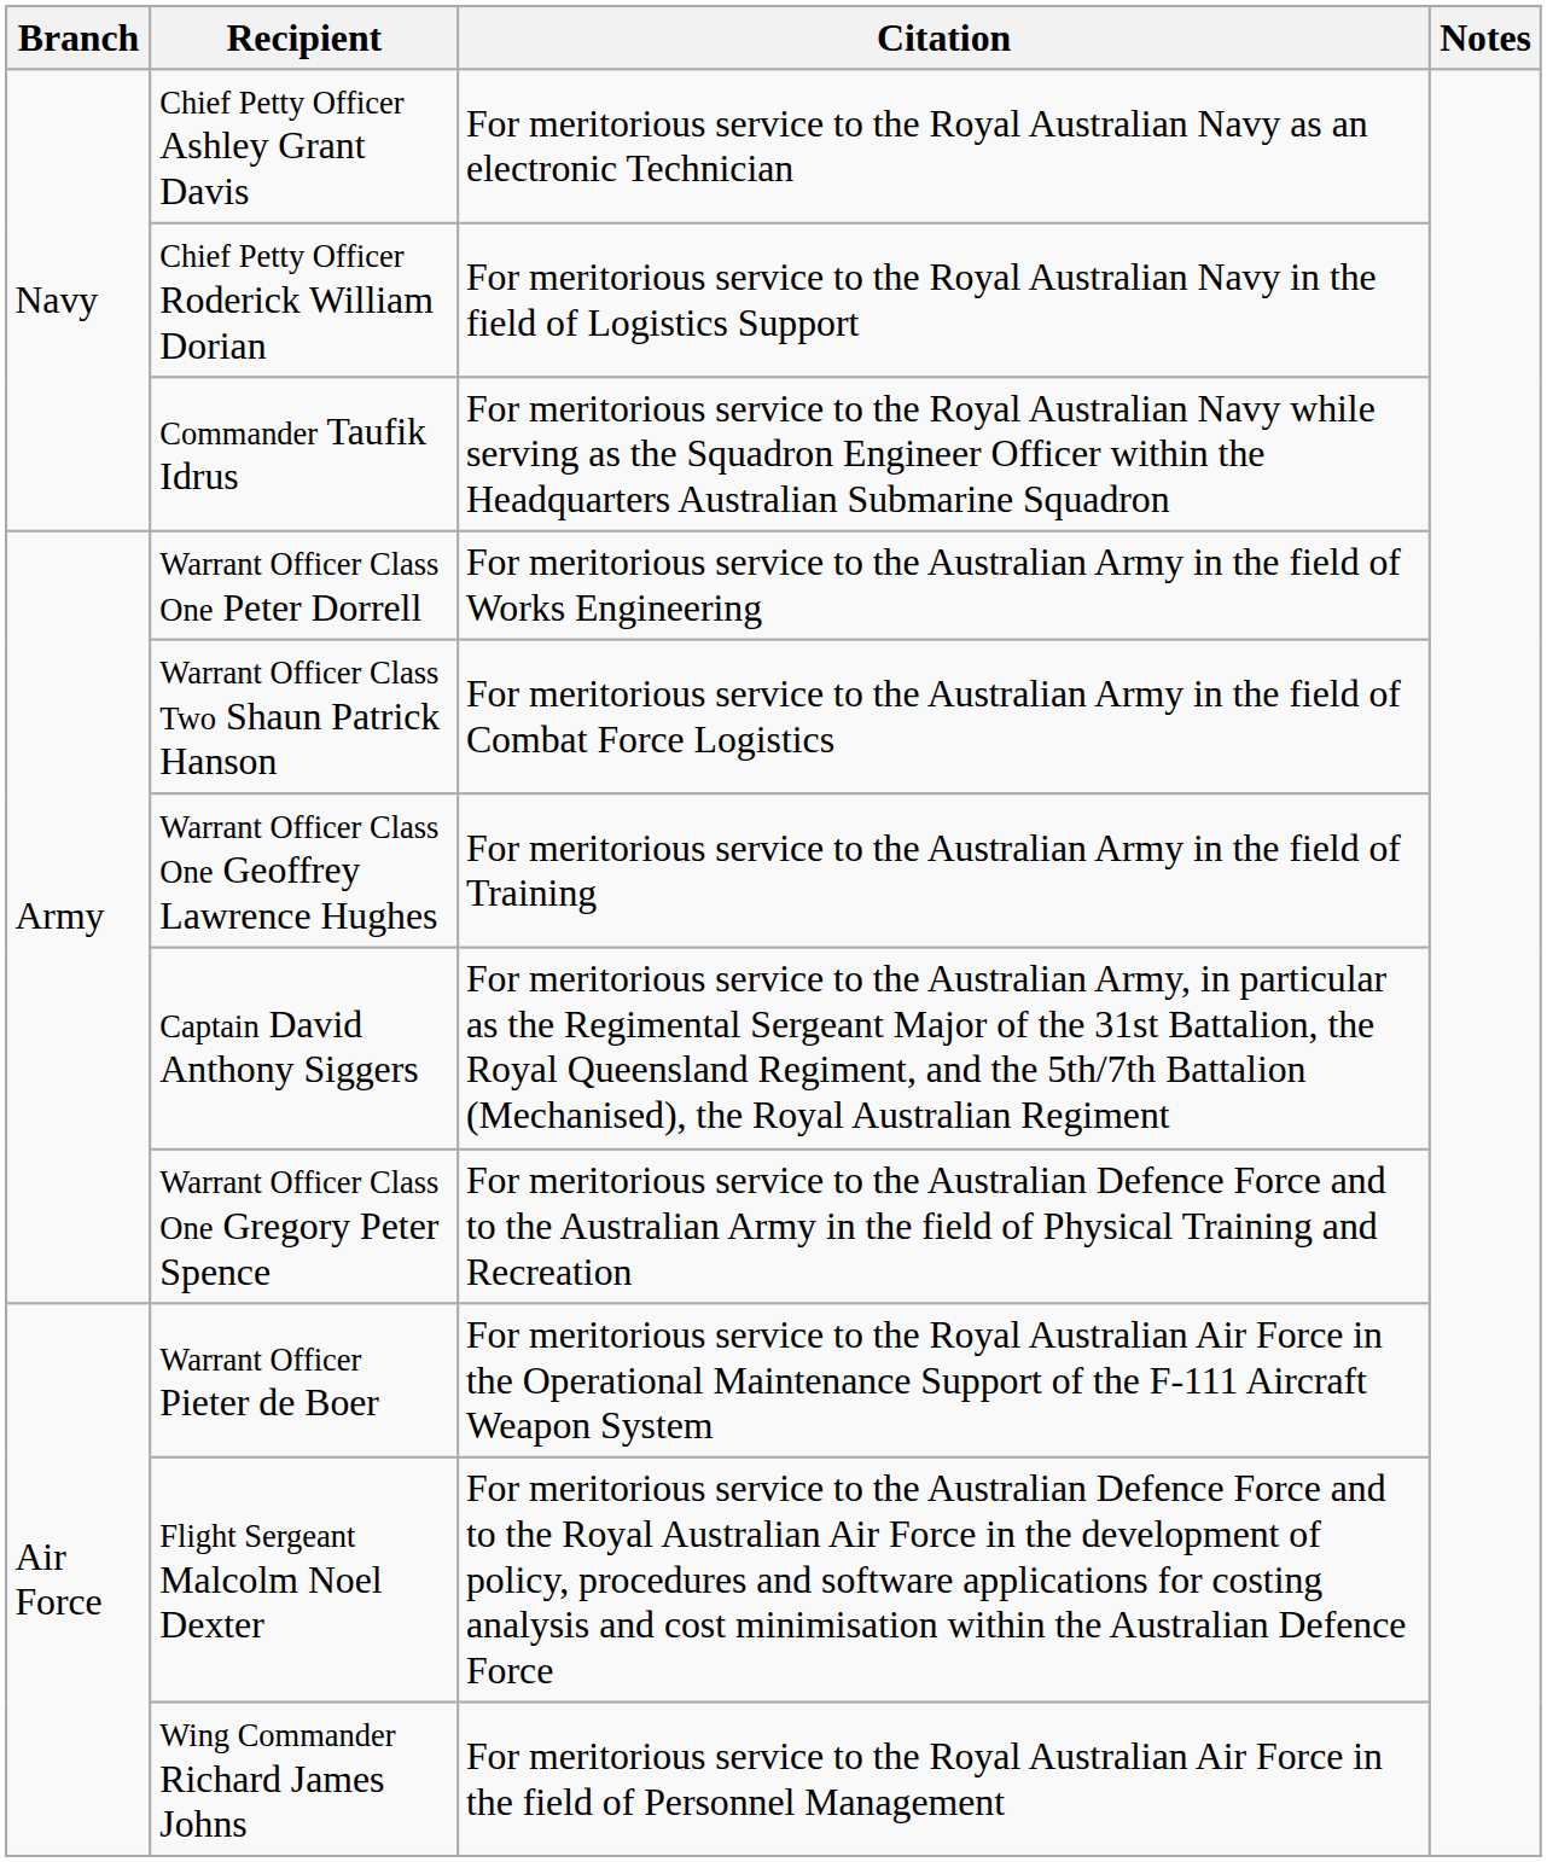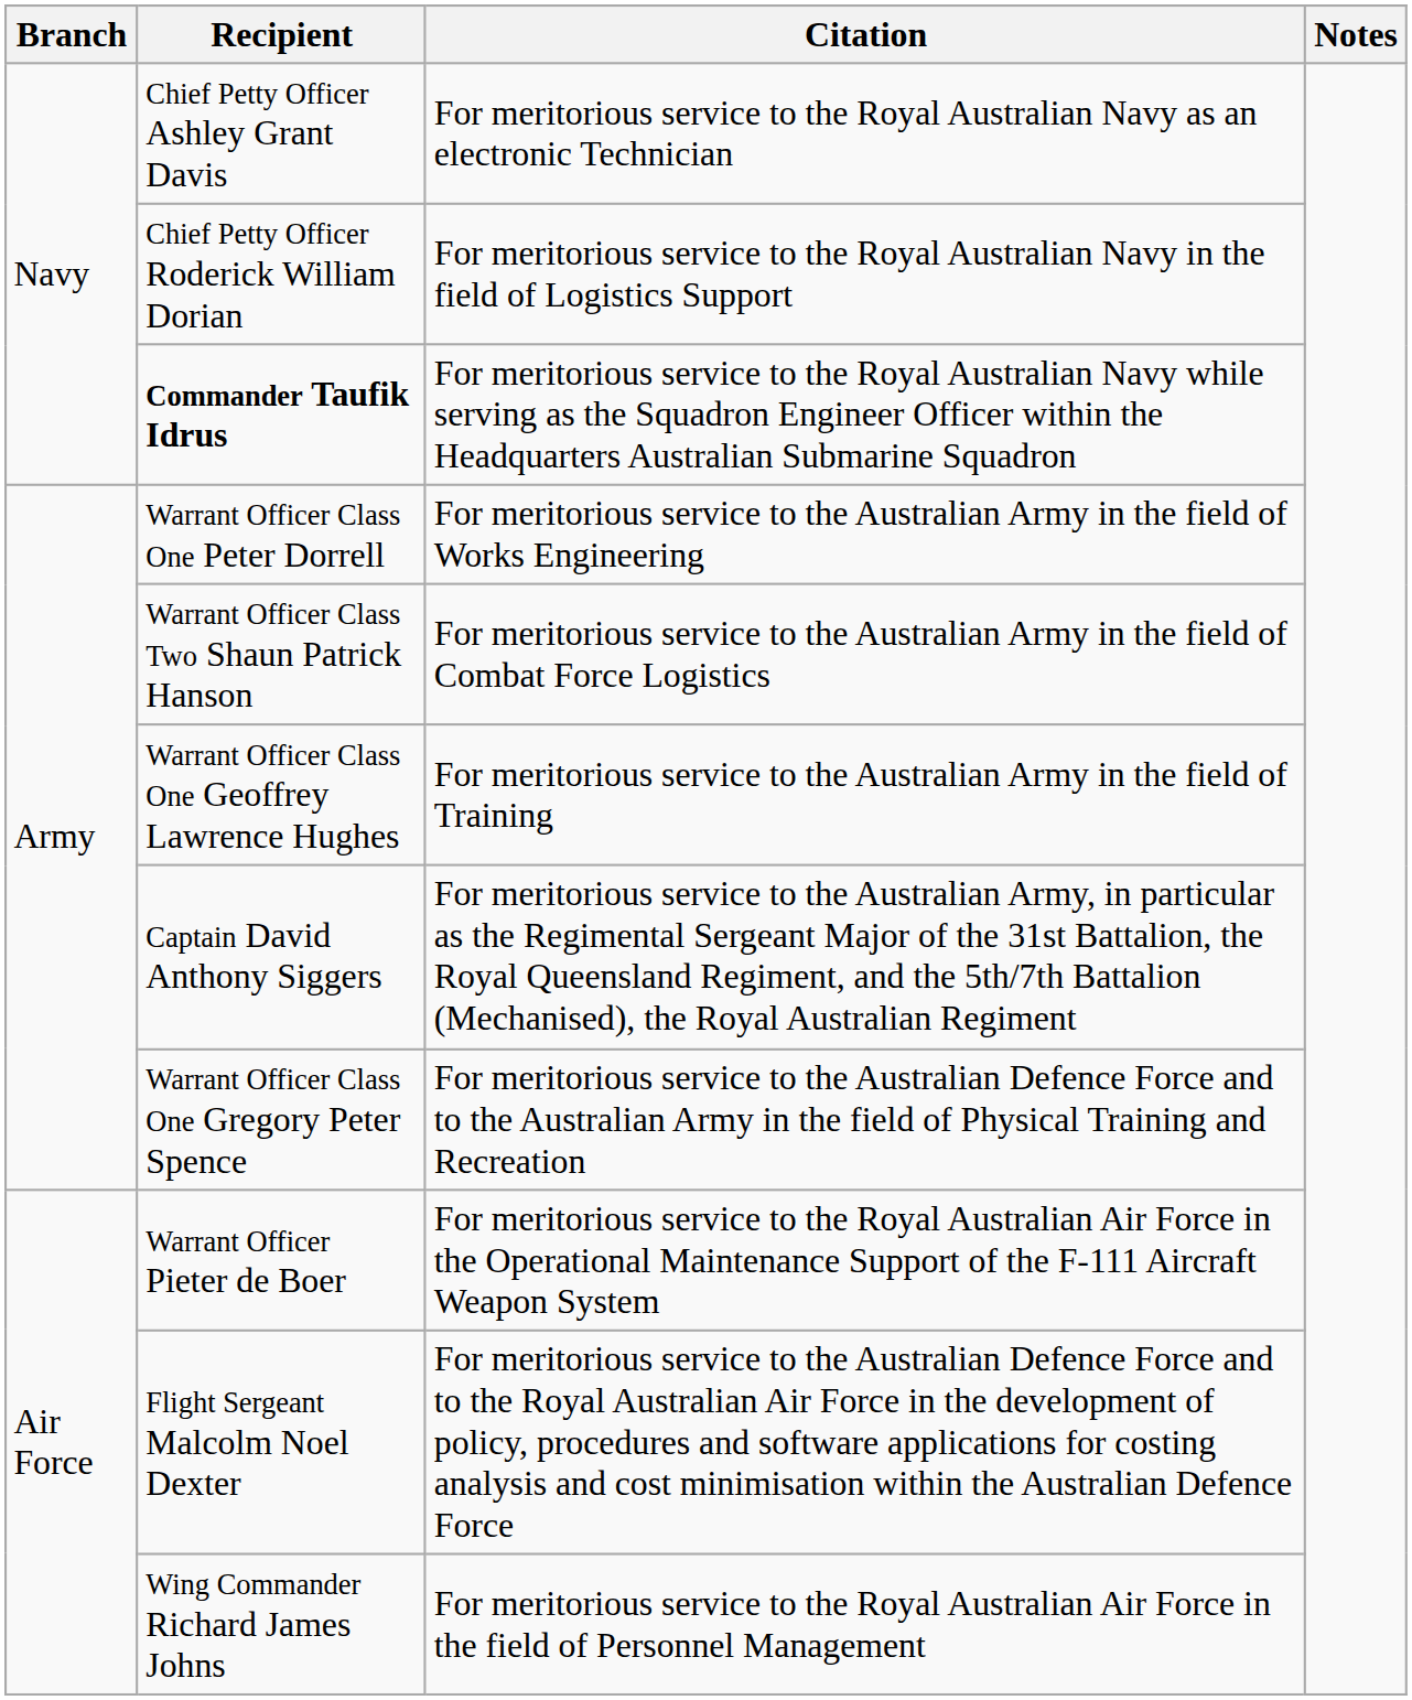 <table class="wikitable" style="font-size:95%;">
 <tr>
 <th>Branch</th>
 <th>Recipient</th>
 <th>Citation</th>
 <th>Notes</th>
 </tr>
 <tr>
 <td rowspan=3>Navy</td>
 <td><small>Chief Petty Officer</small> Ashley Grant Davis</td>
 <td>For meritorious service to the Royal Australian Navy as an electronic Technician</td>
 <td rowspan=11></td>
 </tr>
 <tr>
 <td><small>Chief Petty Officer</small> Roderick William Dorian</td>
 <td>For meritorious service to the Royal Australian Navy in the field of Logistics Support</td>
 </tr>
 <tr>
-<td><small>Commander</small> Taufik Idrus</td>
+<td><strong><small>Commander</small> Taufik Idrus</strong></td>
 <td>For meritorious service to the Royal Australian Navy while serving as the Squadron Engineer Officer within the Headquarters Australian Submarine Squadron</td>
 </tr>
 <tr>
 <td rowspan=5>Army</td>
 <td><small>Warrant Officer Class One</small> Peter Dorrell</td>
 <td>For meritorious service to the Australian Army in the field of Works Engineering</td>
 </tr>
 <tr>
 <td><small>Warrant Officer Class Two</small> Shaun Patrick Hanson</td>
 <td>For meritorious service to the Australian Army in the field of Combat Force Logistics</td>
 </tr>
 <tr>
 <td><small>Warrant Officer Class One</small> Geoffrey Lawrence Hughes</td>
 <td>For meritorious service to the Australian Army in the field of Training</td>
 </tr>
 <tr>
 <td><small>Captain</small> David Anthony Siggers</td>
 <td>For meritorious service to the Australian Army, in particular as the Regimental Sergeant Major of the 31st Battalion, the Royal Queensland Regiment, and the 5th/7th Battalion (Mechanised), the Royal Australian Regiment</td>
 </tr>
 <tr>
 <td><small>Warrant Officer Class One</small> Gregory Peter Spence</td>
 <td>For meritorious service to the Australian Defence Force and to the Australian Army in the field of Physical Training and Recreation</td>
 </tr>
 <tr>
 <td rowspan=3>Air Force</td>
 <td><small>Warrant Officer</small> Pieter de Boer</td>
 <td>For meritorious service to the Royal Australian Air Force in the Operational Maintenance Support of the F-111 Aircraft Weapon System</td>
 </tr>
 <tr>
 <td><small>Flight Sergeant</small> Malcolm Noel Dexter</td>
 <td>For meritorious service to the Australian Defence Force and to the Royal Australian Air Force in the development of policy, procedures and software applications for costing analysis and cost minimisation within the Australian Defence Force</td>
 </tr>
 <tr>
 <td><small>Wing Commander</small> Richard James Johns</td>
 <td>For meritorious service to the Royal Australian Air Force in the field of Personnel Management</td>
 </tr>
 </table>
